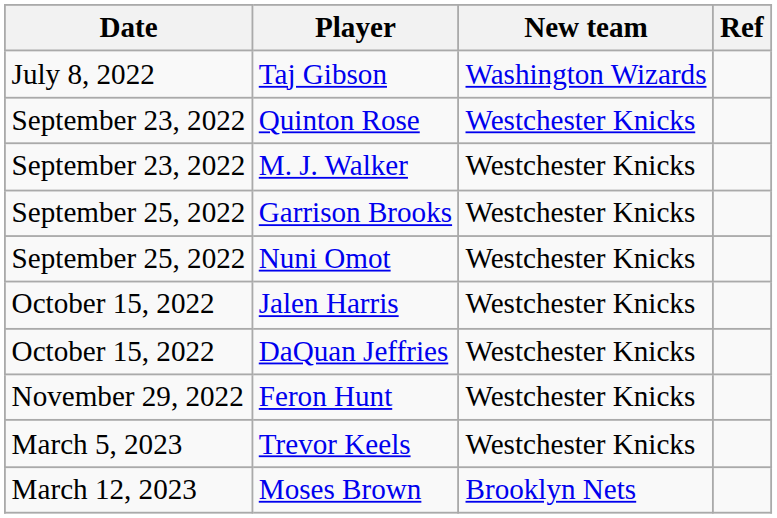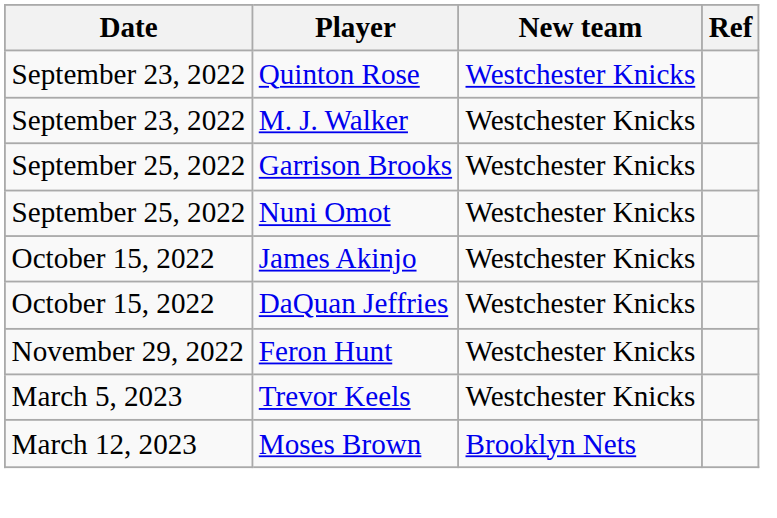 <table class="wikitable" style="text-align:left;">
 <tr>
 <th>Date</th>
 <th>Player</th>
 <th>New team</th>
 <th>Ref</th>
-</tr>
-<tr>
-<td>July 8, 2022</td>
-<td><a href='#'>Taj Gibson</a></td>
-<td><a href='#'>Washington Wizards</a></td>
-<td></td>
 </tr>
 <tr>
 <td>September 23, 2022</td>
 <td><a href='#'>Quinton Rose</a></td>
 <td><a href='#'>Westchester Knicks</a></td>
 <td></td>
 </tr>
 <tr>
 <td>September 23, 2022</td>
 <td><a href='#'>M. J. Walker</a></td>
 <td>Westchester Knicks</td>
 <td></td>
 </tr>
 <tr>
 <td>September 25, 2022</td>
 <td><a href='#'>Garrison Brooks</a></td>
 <td>Westchester Knicks</td>
 <td></td>
 </tr>
 <tr>
 <td>September 25, 2022</td>
 <td><a href='#'>Nuni Omot</a></td>
 <td>Westchester Knicks</td>
 <td></td>
 </tr>
 <tr>
 <td>October 15, 2022</td>
-<td><a href='#'>Jalen Harris</a></td>
+<td><a href='#'>James Akinjo</a></td>
 <td>Westchester Knicks</td>
 <td></td>
 </tr>
 <tr>
 <td>October 15, 2022</td>
 <td><a href='#'>DaQuan Jeffries</a></td>
 <td>Westchester Knicks</td>
 <td></td>
 </tr>
 <tr>
 <td>November 29, 2022</td>
 <td><a href='#'>Feron Hunt</a></td>
 <td>Westchester Knicks</td>
 <td></td>
 </tr>
 <tr>
 <td>March 5, 2023</td>
 <td><a href='#'>Trevor Keels</a></td>
 <td>Westchester Knicks</td>
 <td></td>
 </tr>
 <tr>
 <td>March 12, 2023</td>
 <td><a href='#'>Moses Brown</a></td>
 <td><a href='#'>Brooklyn Nets</a></td>
 <td></td>
 </tr>
 </table>
